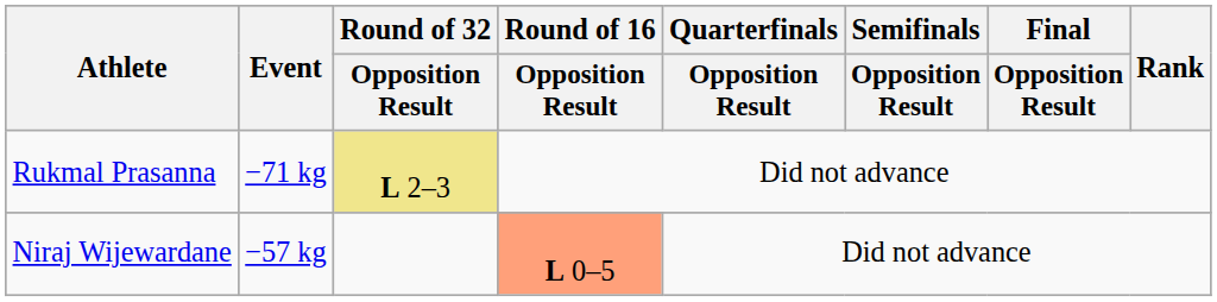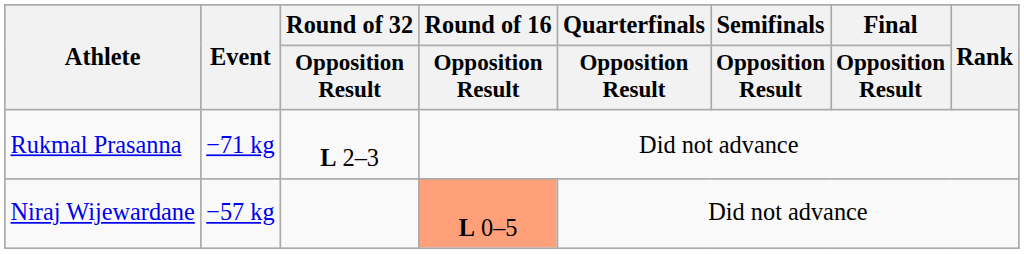 <table class="wikitable" style="font-size:90%;">
 <tr>
 <th rowspan=2>Athlete</th>
 <th rowspan=2>Event</th>
 <th>Round of 32</th>
 <th>Round of 16</th>
 <th>Quarterfinals</th>
 <th>Semifinals</th>
 <th>Final</th>
 <th rowspan=2>Rank</th>
 </tr>
 <tr style="font-size:95%">
 <th>Opposition<br>Result</th>
 <th>Opposition<br>Result</th>
 <th>Opposition<br>Result</th>
 <th>Opposition<br>Result</th>
 <th>Opposition<br>Result</th>
 </tr>
 <tr align=center>
 <td align=left><a href='#'>Rukmal Prasanna</a></td>
 <td align=left><a href='#'>−71 kg</a></td>
-<td style="background: khaki;"><br><strong>L</strong> 2–3</td>
+<td><br><strong>L</strong> 2–3</td>
 <td colspan=5>Did not advance</td>
 </tr>
 <tr align=center>
 <td align=left><a href='#'>Niraj Wijewardane</a></td>
 <td align=left><a href='#'>−57 kg</a></td>
 <td></td>
 <td style="background: lightsalmon;"><br><strong>L</strong> 0–5</td>
 <td colspan=4>Did not advance</td>
 </tr>
 </table>
